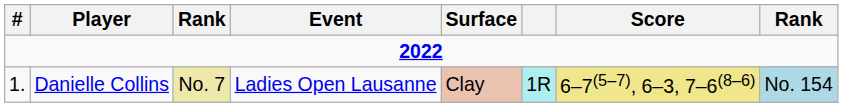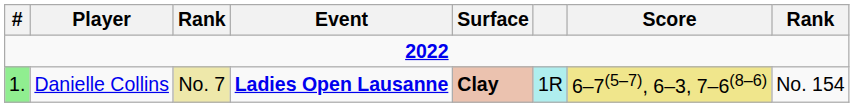 <table class="wikitable sortable">
 <tr>
 <th>#</th>
 <th>Player</th>
 <th>Rank</th>
 <th>Event</th>
 <th>Surface</th>
 <th></th>
 <th class="unsortable">Score</th>
 <th> Rank</th>
 </tr>
 <tr>
 <td colspan=8 style=text-align:center><strong><a href='#'>2022</a></strong></td>
 </tr>
 <tr>
-<td>1.</td>
+<td style="background: lightgreen;">1.</td>
 <td> <a href='#'>Danielle Collins</a></td>
 <td bgcolor=eee8aa align=center>No. 7</td>
-<td><a href='#'>Ladies Open Lausanne</a></td>
-<td bgcolor=ebc2af>Clay</td>
+<td><strong><a href='#'>Ladies Open Lausanne</a></strong></td>
+<td bgcolor=ebc2af><strong>Clay</strong></td>
 <td bgcolor=afeeee>1R</td>
 <td style="background: khaki;">6–7<sup>(5–7)</sup>, 6–3, 7–6<sup>(8–6)</sup></td>
-<td align=center style="background: lightblue;">No. 154</td>
+<td align=center>No. 154</td>
 </tr>
 </table>
